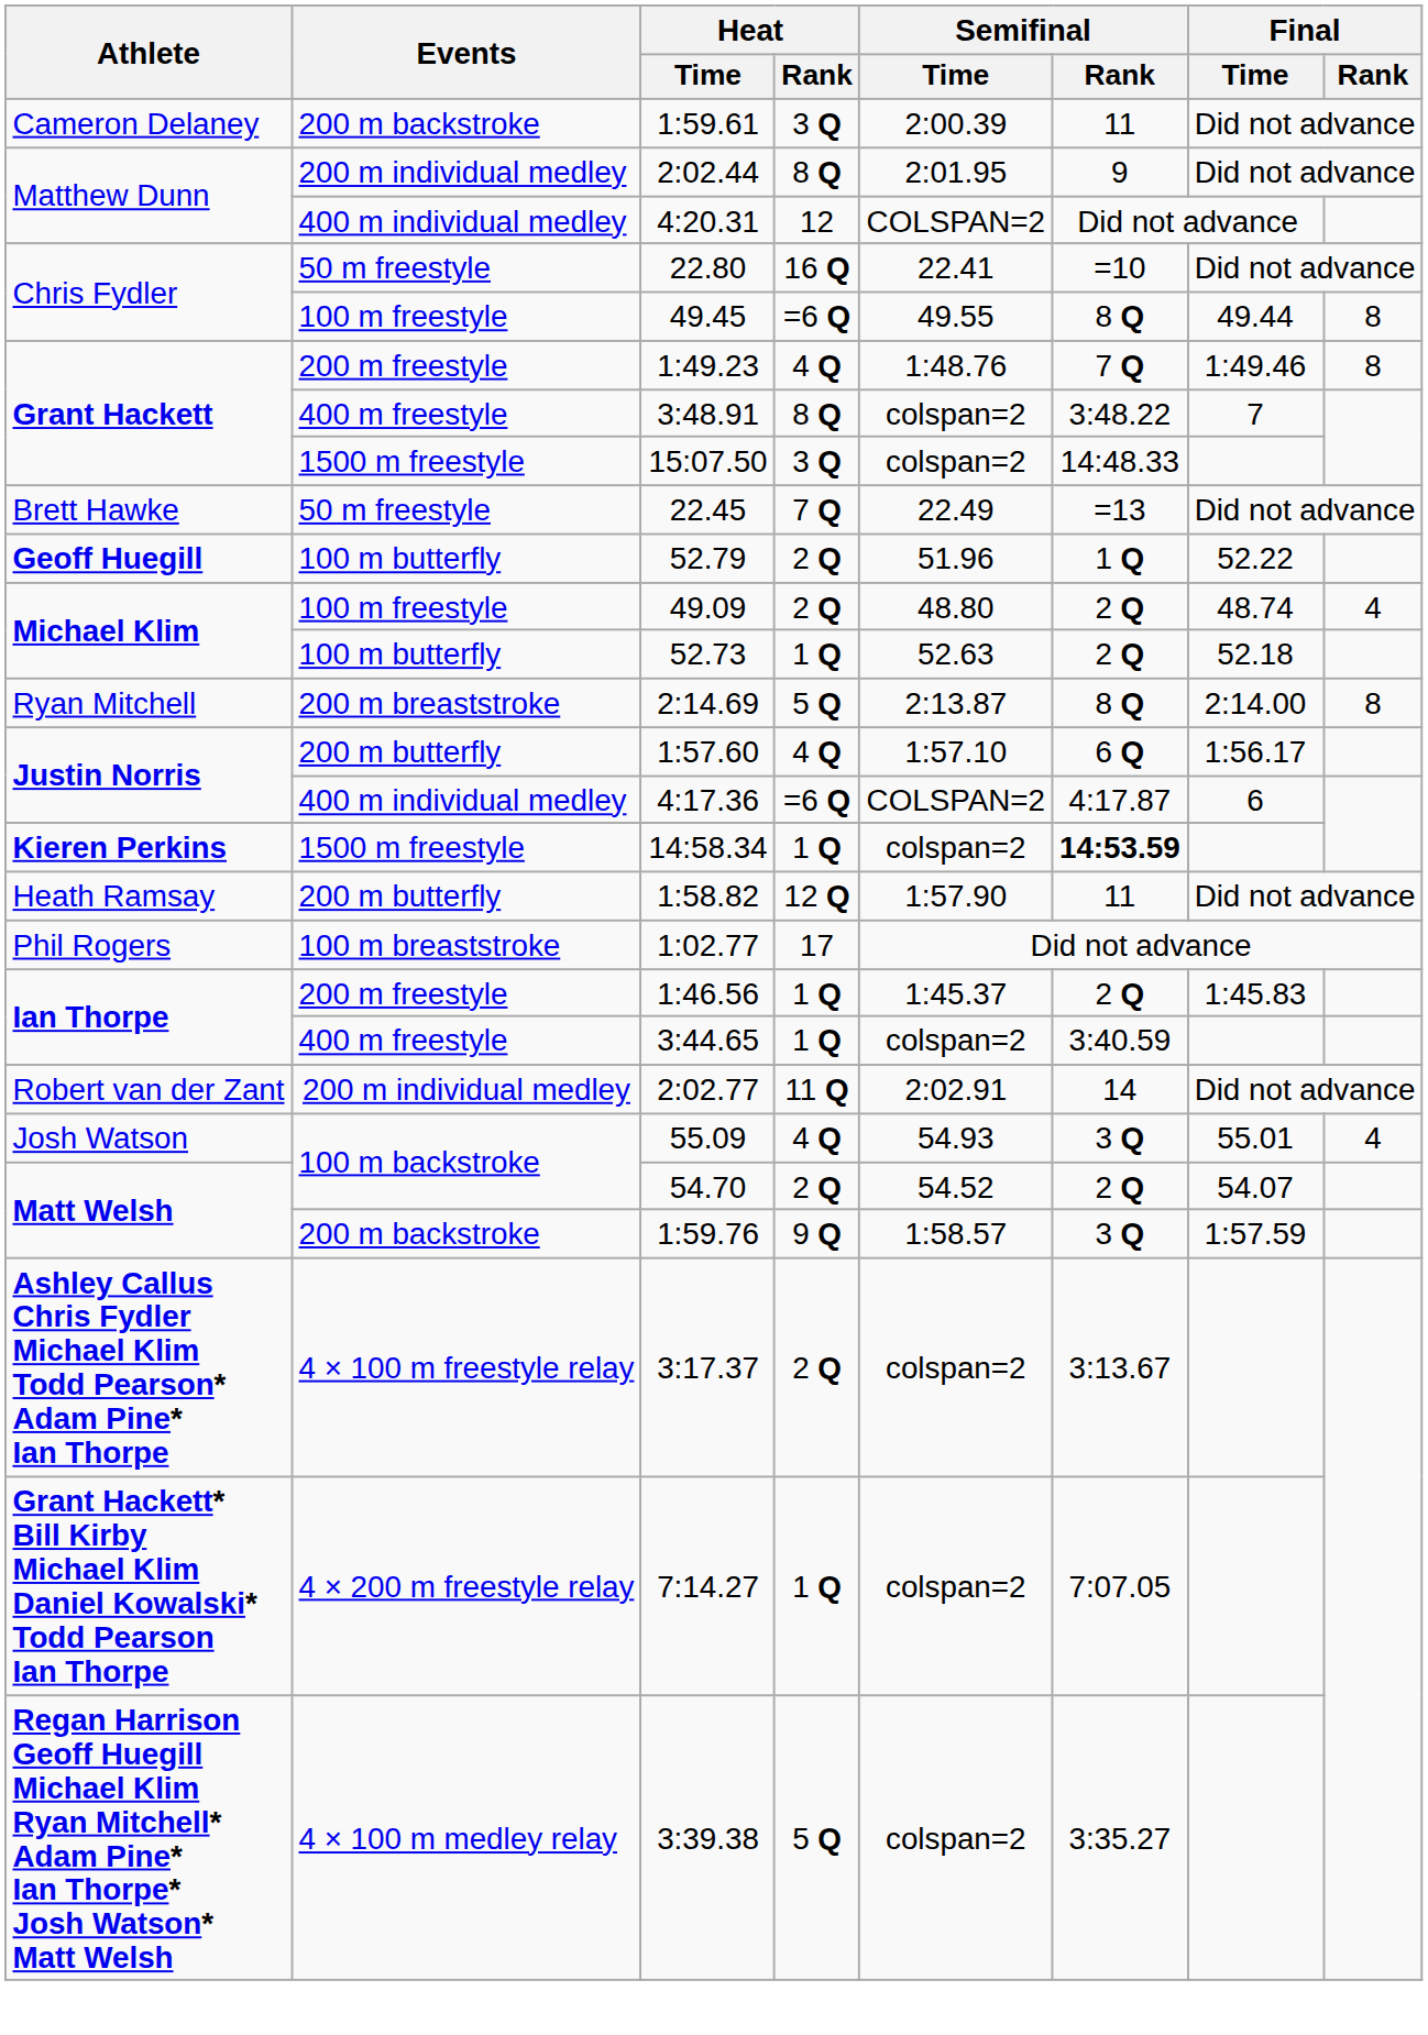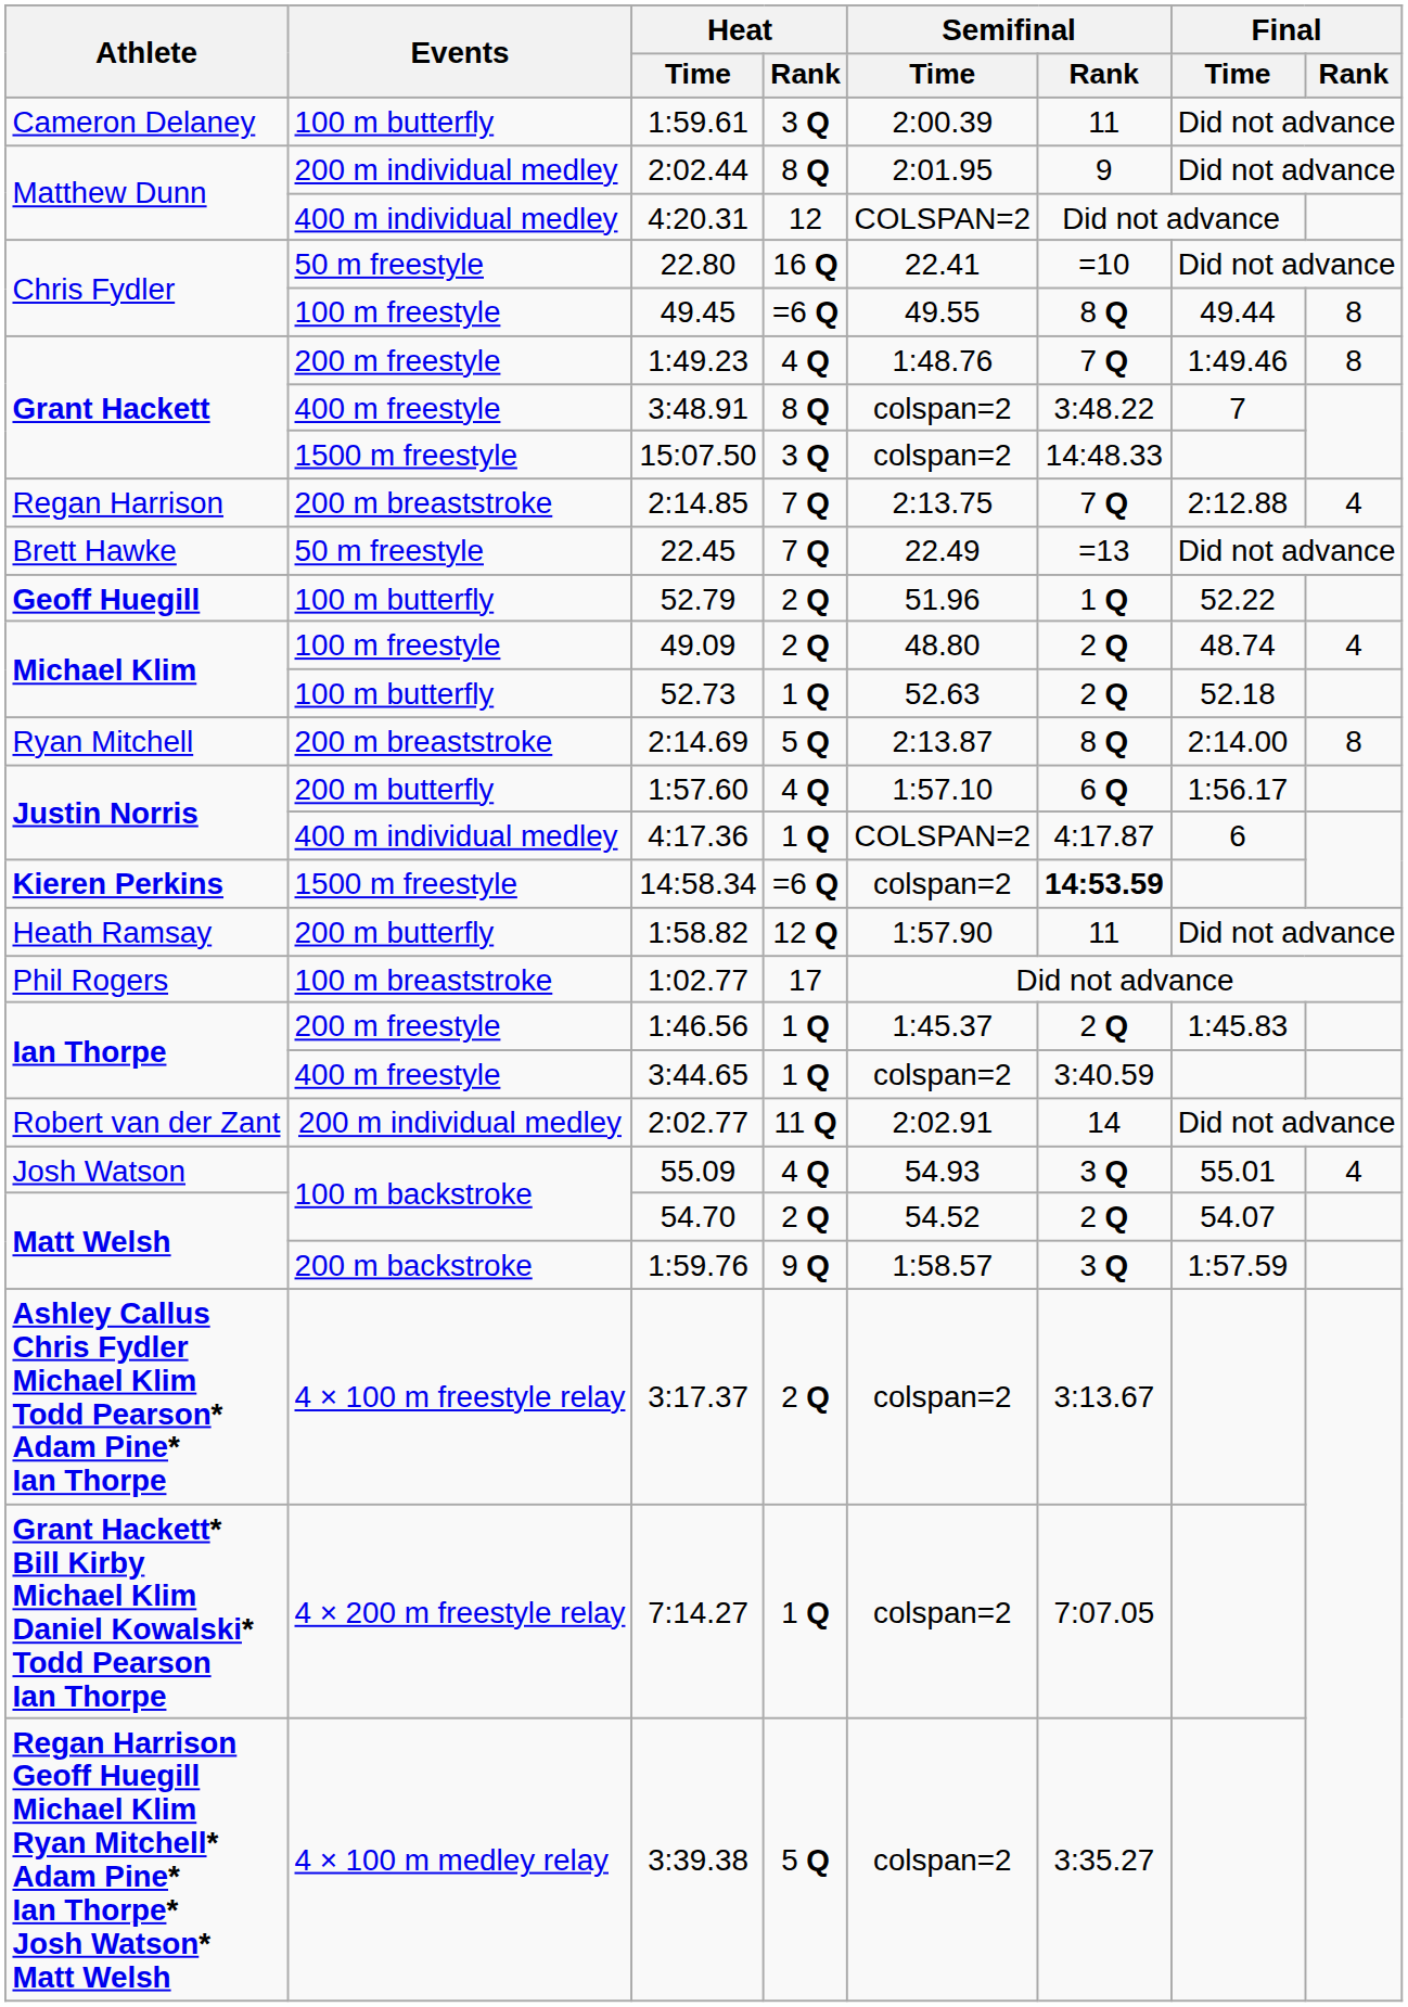 <table class=wikitable style="font-size:90%">
 <tr>
 <th rowspan="2">Athlete</th>
 <th rowspan="2">Events</th>
 <th colspan="2">Heat</th>
 <th colspan="2">Semifinal</th>
 <th colspan="2">Final</th>
 </tr>
 <tr style="font-size:95%">
 <th>Time</th>
 <th>Rank</th>
 <th>Time</th>
 <th>Rank</th>
 <th>Time</th>
 <th>Rank</th>
 </tr>
 <tr align=center>
 <td align=left><a href='#'>Cameron Delaney</a></td>
-<td align=left><a href='#'>200 m backstroke</a></td>
+<td align=left><a href='#'>100 m butterfly</a></td>
 <td>1:59.61</td>
 <td>3 <strong>Q</strong></td>
 <td>2:00.39</td>
 <td>11</td>
 <td COLSPAN=2>Did not advance</td>
 </tr>
 <tr align=center>
 <td align=left rowspan=2><a href='#'>Matthew Dunn</a></td>
 <td align=left><a href='#'>200 m individual medley</a></td>
 <td>2:02.44</td>
 <td>8 <strong>Q</strong></td>
 <td>2:01.95</td>
 <td>9</td>
 <td colspan=2>Did not advance</td>
 </tr>
 <tr align=center>
 <td align=left><a href='#'>400 m individual medley</a></td>
 <td>4:20.31</td>
 <td>12</td>
 <td>COLSPAN=2 </td>
 <td colspan=2>Did not advance</td>
 </tr>
 <tr align=center>
 <td align=left rowspan=2><a href='#'>Chris Fydler</a></td>
 <td align=left><a href='#'>50 m freestyle</a></td>
 <td>22.80</td>
 <td>16 <strong>Q</strong></td>
 <td>22.41</td>
 <td>=10</td>
 <td colspan=2>Did not advance</td>
 </tr>
 <tr align=center>
 <td align=left><a href='#'>100 m freestyle</a></td>
 <td>49.45</td>
 <td>=6 <strong>Q</strong></td>
 <td>49.55</td>
 <td>8 <strong>Q</strong></td>
 <td>49.44</td>
 <td>8</td>
 </tr>
 <tr align=center>
 <td align=left rowspan=3><strong><a href='#'>Grant Hackett</a></strong></td>
 <td align=left><a href='#'>200 m freestyle</a></td>
 <td>1:49.23</td>
 <td>4 <strong>Q</strong></td>
 <td>1:48.76</td>
 <td>7 <strong>Q</strong></td>
 <td>1:49.46</td>
 <td>8</td>
 </tr>
 <tr align=center>
 <td align=left><a href='#'>400 m freestyle</a></td>
 <td>3:48.91</td>
 <td>8 <strong>Q</strong></td>
 <td>colspan=2 </td>
 <td>3:48.22</td>
 <td>7</td>
 </tr>
 <tr align=center>
 <td align=left><a href='#'>1500 m freestyle</a></td>
 <td>15:07.50</td>
 <td>3 <strong>Q</strong></td>
 <td>colspan=2 </td>
 <td>14:48.33</td>
 <td></td>
 </tr>
 <tr align=center>
+<td align=left><a href='#'>Regan Harrison</a></td>
+<td align=left><a href='#'>200 m breaststroke</a></td>
+<td>2:14.85</td>
+<td>7 <strong>Q</strong></td>
+<td>2:13.75</td>
+<td>7 <strong>Q</strong></td>
+<td>2:12.88</td>
+<td>4</td>
+</tr>
+<tr align=center>
 <td align=left><a href='#'>Brett Hawke</a></td>
 <td align=left><a href='#'>50 m freestyle</a></td>
 <td>22.45</td>
 <td>7 <strong>Q</strong></td>
 <td>22.49</td>
 <td>=13</td>
 <td colspan=2>Did not advance</td>
 </tr>
 <tr align=center>
 <td align=left><strong><a href='#'>Geoff Huegill</a></strong></td>
 <td align=left><a href='#'>100 m butterfly</a></td>
 <td>52.79</td>
 <td>2 <strong>Q</strong></td>
 <td>51.96</td>
 <td>1 <strong>Q</strong></td>
 <td>52.22</td>
 <td></td>
 </tr>
 <tr ALIGN=CENTER>
 <td align=left rowspan=2><strong><a href='#'>Michael Klim</a></strong></td>
 <td align=left><a href='#'>100 m freestyle</a></td>
 <td>49.09</td>
 <td>2 <strong>Q</strong></td>
 <td>48.80</td>
 <td>2 <strong>Q</strong></td>
 <td>48.74</td>
 <td>4</td>
 </tr>
 <tr align=center>
 <td align=left><a href='#'>100 m butterfly</a></td>
 <td>52.73</td>
 <td>1 <strong>Q</strong></td>
 <td>52.63</td>
 <td>2 <strong>Q</strong></td>
 <td>52.18</td>
 <td></td>
 </tr>
 <tr align=center>
 <td align=left><a href='#'>Ryan Mitchell</a></td>
 <td align=left><a href='#'>200 m breaststroke</a></td>
 <td>2:14.69</td>
 <td>5 <strong>Q</strong></td>
 <td>2:13.87</td>
 <td>8 <strong>Q</strong></td>
 <td>2:14.00</td>
 <td>8</td>
 </tr>
 <tr ALIGN=CENTER>
 <td align=left rowspan=2><strong><a href='#'>Justin Norris</a></strong></td>
 <td align=left><a href='#'>200 m butterfly</a></td>
 <td>1:57.60</td>
 <td>4 <strong>Q</strong></td>
 <td>1:57.10</td>
 <td>6 <strong>Q</strong></td>
 <td>1:56.17</td>
 <td></td>
 </tr>
 <tr align=center>
 <td align=left><a href='#'>400 m individual medley</a></td>
 <td>4:17.36</td>
-<td>=6 <strong>Q</strong></td>
+<td>1 <strong>Q</strong></td>
 <td>COLSPAN=2 </td>
 <td>4:17.87</td>
 <td>6</td>
 </tr>
 <tr align=center>
 <td align=left><strong><a href='#'>Kieren Perkins</a></strong></td>
 <td align=left><a href='#'>1500 m freestyle</a></td>
 <td>14:58.34</td>
-<td>1 <strong>Q</strong></td>
+<td>=6 <strong>Q</strong></td>
 <td>colspan=2 </td>
 <td><strong>14:53.59</strong></td>
 <td></td>
 </tr>
 <tr align=center>
 <td align=left><a href='#'>Heath Ramsay</a></td>
 <td align=left><a href='#'>200 m butterfly</a></td>
 <td>1:58.82</td>
 <td>12 <strong>Q</strong></td>
 <td>1:57.90</td>
 <td>11</td>
 <td COLSPAN=2>Did not advance</td>
 </tr>
 <tr ALIGN=CENTER>
 <td align=left><a href='#'>Phil Rogers</a></td>
 <td align=left><a href='#'>100 m breaststroke</a></td>
 <td>1:02.77</td>
 <td>17</td>
 <td colspan=4>Did not advance</td>
 </tr>
 <tr align=center>
 <td align=left rowspan=2><strong><a href='#'>Ian Thorpe</a></strong></td>
 <td align=left><a href='#'>200 m freestyle</a></td>
 <td>1:46.56</td>
 <td>1 <strong>Q</strong></td>
 <td>1:45.37</td>
 <td>2 <strong>Q</strong></td>
 <td>1:45.83</td>
 <td></td>
 </tr>
 <tr align=center>
 <td align=left><a href='#'>400 m freestyle</a></td>
 <td>3:44.65</td>
 <td>1 <strong>Q</strong></td>
 <td>colspan=2 </td>
 <td>3:40.59</td>
 <td></td>
 </tr>
 <tr align=center>
 <td ALIGN=LEFT><a href='#'>Robert van der Zant</a></td>
 <td><a href='#'>200 m individual medley</a></td>
 <td>2:02.77</td>
 <td>11 <strong>Q</strong></td>
 <td>2:02.91</td>
 <td>14</td>
 <td colspan=2>Did not advance</td>
 </tr>
 <tr align=center>
 <td align=left><a href='#'>Josh Watson</a></td>
 <td align=left rowspan=2><a href='#'>100 m backstroke</a></td>
 <td>55.09</td>
 <td>4 <strong>Q</strong></td>
 <td>54.93</td>
 <td>3 <strong>Q</strong></td>
 <td>55.01</td>
 <td>4</td>
 </tr>
 <tr align=center>
 <td align=left rowspan=2><strong><a href='#'>Matt Welsh</a></strong></td>
 <td>54.70</td>
 <td>2 <strong>Q</strong></td>
 <td>54.52</td>
 <td>2 <strong>Q</strong></td>
 <td>54.07</td>
 <td></td>
 </tr>
 <tr align=center>
 <td align=left><a href='#'>200 m backstroke</a></td>
 <td>1:59.76</td>
 <td>9 <strong>Q</strong></td>
 <td>1:58.57</td>
 <td>3 <strong>Q</strong></td>
 <td>1:57.59</td>
 <td></td>
 </tr>
 <tr align=center>
 <td align=left><strong><a href='#'>Ashley Callus</a><br><a href='#'>Chris Fydler</a><br><a href='#'>Michael Klim</a><br><a href='#'>Todd Pearson</a>*<br><a href='#'>Adam Pine</a>*<br><a href='#'>Ian Thorpe</a></strong></td>
 <td align=left><a href='#'>4 × 100 m freestyle relay</a></td>
 <td>3:17.37</td>
 <td>2 <strong>Q</strong></td>
 <td>colspan=2 </td>
 <td>3:13.67</td>
 <td></td>
 </tr>
 <tr align=center>
 <td align=left><strong><a href='#'>Grant Hackett</a>*<br><a href='#'>Bill Kirby</a><br><a href='#'>Michael Klim</a><br><a href='#'>Daniel Kowalski</a>*<br><a href='#'>Todd Pearson</a><br><a href='#'>Ian Thorpe</a></strong></td>
 <td align=left><a href='#'>4 × 200 m freestyle relay</a></td>
 <td>7:14.27</td>
 <td>1 <strong>Q</strong></td>
 <td>colspan=2 </td>
 <td>7:07.05</td>
 <td></td>
 </tr>
 <tr align=center>
 <td align=left><strong><a href='#'>Regan Harrison</a><br><a href='#'>Geoff Huegill</a><br><a href='#'>Michael Klim</a><br><a href='#'>Ryan Mitchell</a>*<br><a href='#'>Adam Pine</a>*<br><a href='#'>Ian Thorpe</a>*<br><a href='#'>Josh Watson</a>*<br><a href='#'>Matt Welsh</a></strong></td>
 <td align=left><a href='#'>4 × 100 m medley relay</a></td>
 <td>3:39.38</td>
 <td>5 <strong>Q</strong></td>
 <td>colspan=2 </td>
 <td>3:35.27</td>
 <td></td>
 </tr>
 </table>
